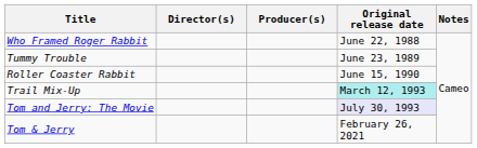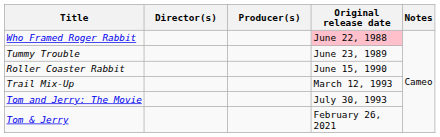 <table class="wikitable" margin:auto;">
 <tr>
 <th>Title</th>
 <th style="width:110px;">Director(s)</th>
 <th style="width:110px;">Producer(s)</th>
 <th style="width:120px;">Original release date</th>
 <th>Notes</th>
 </tr>
 <tr>
 <td><em><a href='#'>Who Framed Roger Rabbit</a></em></td>
 <td></td>
 <td></td>
-<td>June 22, 1988</td>
+<td style="background: pink;">June 22, 1988</td>
 <td rowspan="6">Cameo</td>
 </tr>
 <tr>
 <td><em>Tummy Trouble</em></td>
 <td></td>
 <td></td>
 <td>June 23, 1989</td>
 </tr>
 <tr>
 <td><em>Roller Coaster Rabbit</em></td>
 <td></td>
 <td></td>
 <td>June 15, 1990</td>
 </tr>
 <tr>
 <td><em>Trail Mix-Up</em></td>
 <td></td>
 <td></td>
-<td style="background: paleturquoise;">March 12, 1993</td>
+<td>March 12, 1993</td>
 </tr>
 <tr>
 <td><em><a href='#'>Tom and Jerry: The Movie</a></em></td>
 <td></td>
 <td></td>
-<td style="background: lavender;">July 30, 1993</td>
+<td>July 30, 1993</td>
 </tr>
 <tr>
 <td><em><a href='#'>Tom & Jerry</a></em></td>
 <td></td>
 <td></td>
 <td>February 26, 2021</td>
 </tr>
 </table>
